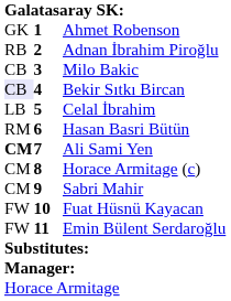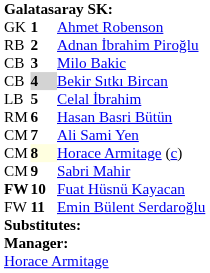 <table style="font-size: 90%" cellspacing="0" cellpadding="0">
 <tr>
 <td colspan="4"><strong>Galatasaray SK:</strong></td>
 </tr>
 <tr>
 <th width="25"></th>
 <th width="25"></th>
 </tr>
 <tr>
 <td>GK</td>
 <td><strong>1</strong></td>
 <td> <a href='#'>Ahmet Robenson</a></td>
 </tr>
 <tr>
 <td>RB</td>
 <td><strong>2</strong></td>
 <td> <a href='#'>Adnan İbrahim Piroğlu</a></td>
 </tr>
 <tr>
 <td>CB</td>
 <td><strong>3</strong></td>
 <td> <a href='#'>Milo Bakic</a></td>
 </tr>
 <tr>
-<td style="background: lavender;">CB</td>
-<td><strong>4</strong></td>
+<td>CB</td>
+<td style="background: lightgrey;"><strong>4</strong></td>
 <td> <a href='#'>Bekir Sıtkı Bircan</a></td>
 </tr>
 <tr>
 <td>LB</td>
 <td><strong>5</strong></td>
 <td> <a href='#'>Celal İbrahim</a></td>
 </tr>
 <tr>
 <td>RM</td>
 <td><strong>6</strong></td>
 <td> <a href='#'>Hasan Basri Bütün</a></td>
 </tr>
 <tr>
-<td><strong>CM</strong></td>
+<td>CM</td>
 <td><strong>7</strong></td>
 <td> <a href='#'>Ali Sami Yen</a></td>
 </tr>
 <tr>
 <td>CM</td>
-<td><strong>8</strong></td>
+<td style="background: lightyellow;"><strong>8</strong></td>
 <td> <a href='#'>Horace Armitage</a> (<a href='#'>c</a>)</td>
 </tr>
 <tr>
 <td>CM</td>
 <td><strong>9</strong></td>
 <td> <a href='#'>Sabri Mahir</a></td>
 </tr>
 <tr>
-<td>FW</td>
+<td><strong>FW</strong></td>
 <td><strong>10</strong></td>
 <td> <a href='#'>Fuat Hüsnü Kayacan</a></td>
 </tr>
 <tr>
 <td>FW</td>
 <td><strong>11</strong></td>
 <td> <a href='#'>Emin Bülent Serdaroğlu</a></td>
 </tr>
 <tr>
 <td colspan=4><strong>Substitutes:</strong></td>
 </tr>
 <tr>
 <td colspan=4><strong>Manager:</strong></td>
 </tr>
 <tr>
 <td colspan="4"> <a href='#'>Horace Armitage</a></td>
 </tr>
 </table>
